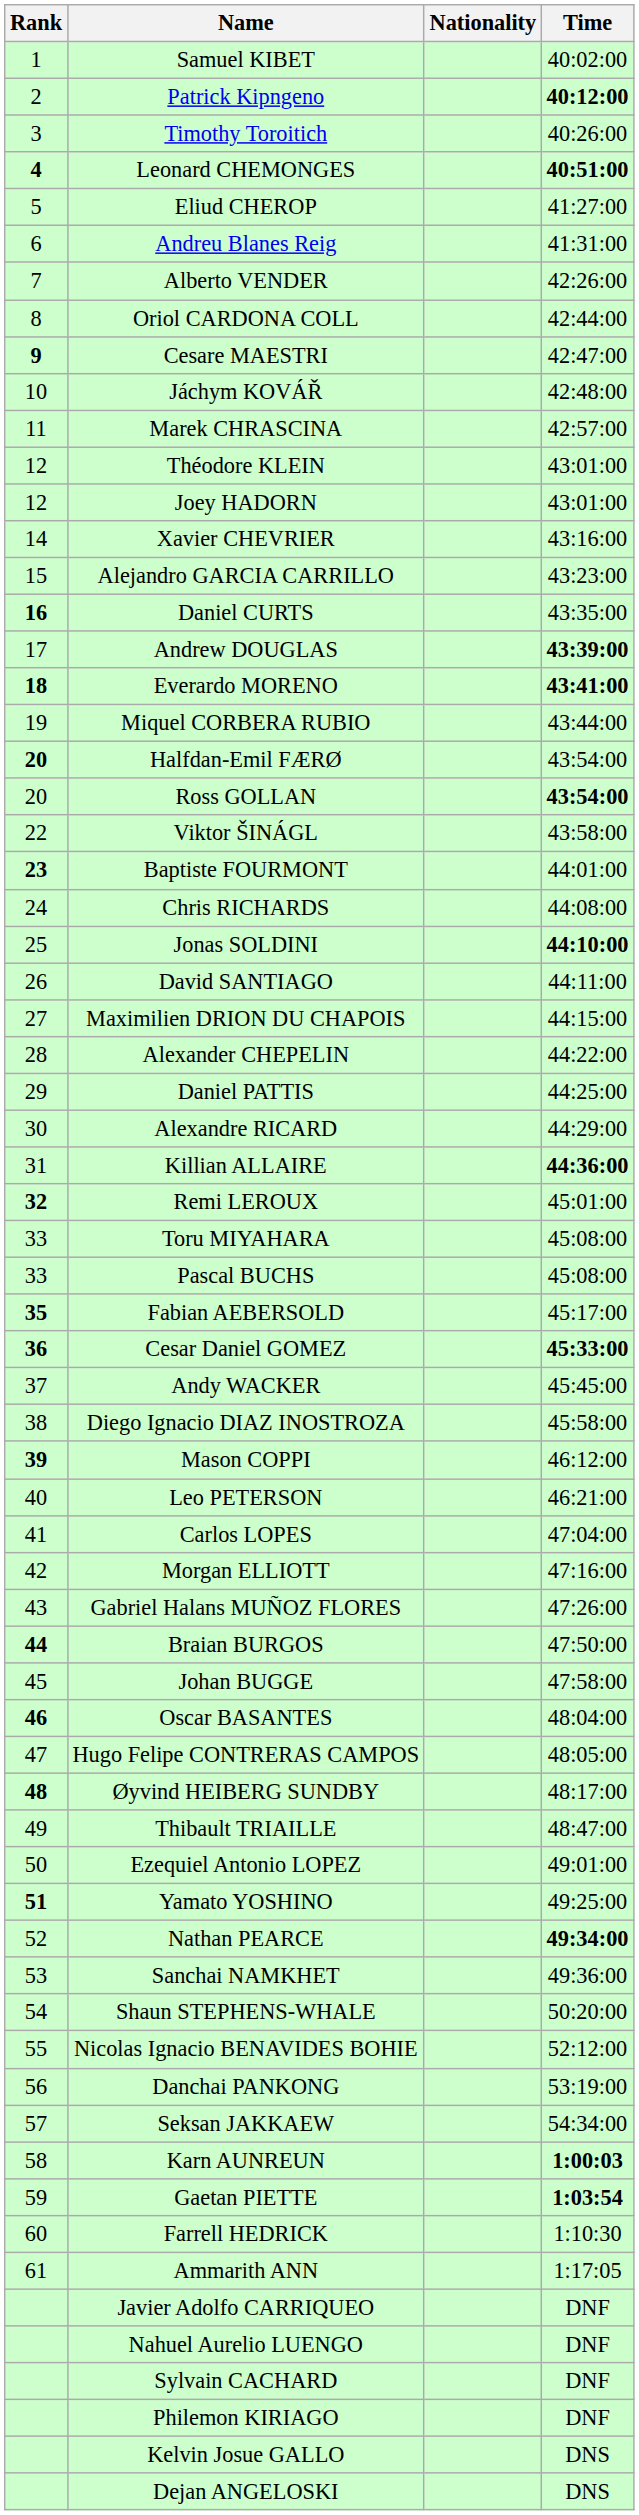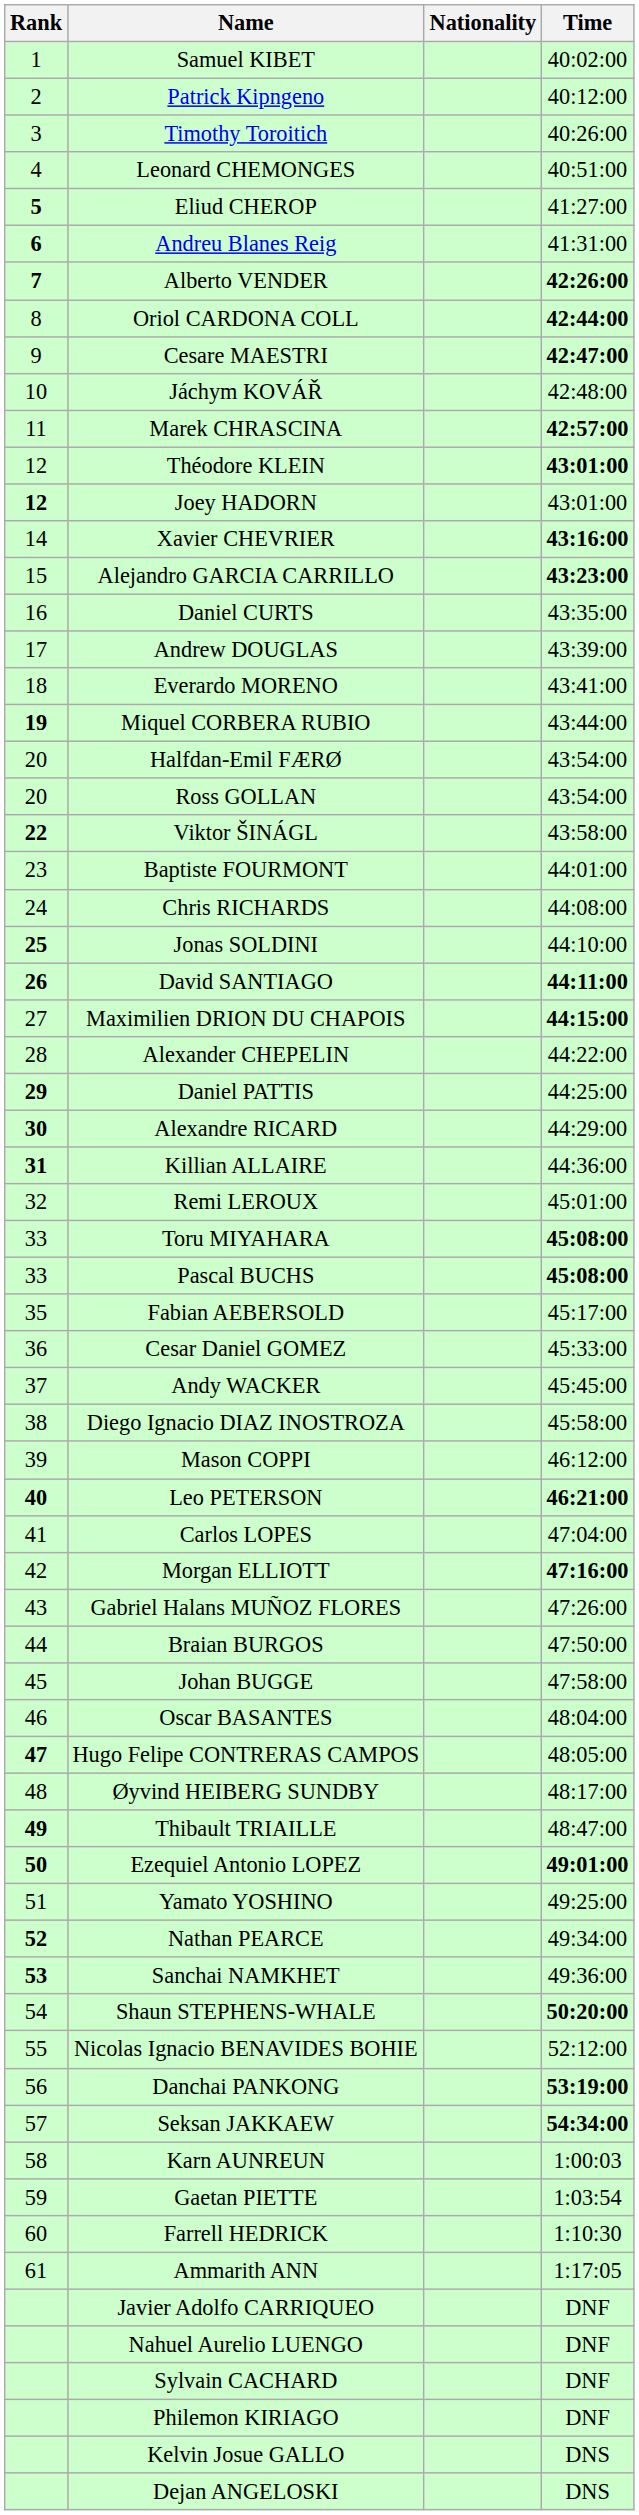 <table class="wikitable sortable" style="text-align:center;font-size:95%">
 <tr>
 <th>Rank</th>
 <th>Name</th>
 <th>Nationality</th>
 <th>Time</th>
 </tr>
 <tr bgcolor=ccffcc>
 <td>1</td>
 <td>Samuel KIBET</td>
 <td></td>
 <td>40:02:00</td>
 </tr>
 <tr bgcolor=ccffcc>
 <td>2</td>
 <td><a href='#'>Patrick Kipngeno</a></td>
 <td></td>
-<td><strong>40:12:00</strong></td>
+<td>40:12:00</td>
 </tr>
 <tr bgcolor=ccffcc>
 <td>3</td>
 <td><a href='#'>Timothy Toroitich</a></td>
 <td></td>
 <td>40:26:00</td>
 </tr>
 <tr bgcolor=ccffcc>
-<td><strong>4</strong></td>
+<td>4</td>
 <td>Leonard CHEMONGES</td>
 <td></td>
-<td><strong>40:51:00</strong></td>
+<td>40:51:00</td>
 </tr>
 <tr bgcolor=ccffcc>
-<td>5</td>
+<td><strong>5</strong></td>
 <td>Eliud CHEROP</td>
 <td></td>
 <td>41:27:00</td>
 </tr>
 <tr bgcolor=ccffcc>
-<td>6</td>
+<td><strong>6</strong></td>
 <td><a href='#'>Andreu Blanes Reig</a></td>
 <td></td>
 <td>41:31:00</td>
 </tr>
 <tr bgcolor=ccffcc>
-<td>7</td>
+<td><strong>7</strong></td>
 <td>Alberto VENDER</td>
 <td></td>
-<td>42:26:00</td>
+<td><strong>42:26:00</strong></td>
 </tr>
 <tr bgcolor=ccffcc>
 <td>8</td>
 <td>Oriol CARDONA COLL</td>
 <td></td>
-<td>42:44:00</td>
+<td><strong>42:44:00</strong></td>
 </tr>
 <tr bgcolor=ccffcc>
-<td><strong>9</strong></td>
+<td>9</td>
 <td>Cesare MAESTRI</td>
 <td></td>
-<td>42:47:00</td>
+<td><strong>42:47:00</strong></td>
 </tr>
 <tr bgcolor=ccffcc>
 <td>10</td>
 <td>Jáchym KOVÁŘ</td>
 <td></td>
 <td>42:48:00</td>
 </tr>
 <tr bgcolor=ccffcc>
 <td>11</td>
 <td>Marek CHRASCINA</td>
 <td></td>
-<td>42:57:00</td>
+<td><strong>42:57:00</strong></td>
 </tr>
 <tr bgcolor=ccffcc>
 <td>12</td>
 <td>Théodore KLEIN</td>
 <td></td>
-<td>43:01:00</td>
+<td><strong>43:01:00</strong></td>
 </tr>
 <tr bgcolor=ccffcc>
-<td>12</td>
+<td><strong>12</strong></td>
 <td>Joey HADORN</td>
 <td></td>
 <td>43:01:00</td>
 </tr>
 <tr bgcolor=ccffcc>
 <td>14</td>
 <td>Xavier CHEVRIER</td>
 <td></td>
-<td>43:16:00</td>
+<td><strong>43:16:00</strong></td>
 </tr>
 <tr bgcolor=ccffcc>
 <td>15</td>
 <td>Alejandro GARCIA CARRILLO</td>
 <td></td>
-<td>43:23:00</td>
+<td><strong>43:23:00</strong></td>
 </tr>
 <tr bgcolor=ccffcc>
-<td><strong>16</strong></td>
+<td>16</td>
 <td>Daniel CURTS</td>
 <td></td>
 <td>43:35:00</td>
 </tr>
 <tr bgcolor=ccffcc>
 <td>17</td>
 <td>Andrew DOUGLAS</td>
 <td></td>
-<td><strong>43:39:00</strong></td>
+<td>43:39:00</td>
 </tr>
 <tr bgcolor=ccffcc>
-<td><strong>18</strong></td>
+<td>18</td>
 <td>Everardo MORENO</td>
 <td></td>
-<td><strong>43:41:00</strong></td>
+<td>43:41:00</td>
 </tr>
 <tr bgcolor=ccffcc>
-<td>19</td>
+<td><strong>19</strong></td>
 <td>Miquel CORBERA RUBIO</td>
 <td></td>
 <td>43:44:00</td>
 </tr>
 <tr bgcolor=ccffcc>
-<td><strong>20</strong></td>
+<td>20</td>
 <td>Halfdan-Emil FÆRØ</td>
 <td></td>
 <td>43:54:00</td>
 </tr>
 <tr bgcolor=ccffcc>
 <td>20</td>
 <td>Ross GOLLAN</td>
 <td></td>
-<td><strong>43:54:00</strong></td>
+<td>43:54:00</td>
 </tr>
 <tr bgcolor=ccffcc>
-<td>22</td>
+<td><strong>22</strong></td>
 <td>Viktor ŠINÁGL</td>
 <td></td>
 <td>43:58:00</td>
 </tr>
 <tr bgcolor=ccffcc>
-<td><strong>23</strong></td>
+<td>23</td>
 <td>Baptiste FOURMONT</td>
 <td></td>
 <td>44:01:00</td>
 </tr>
 <tr bgcolor=ccffcc>
 <td>24</td>
 <td>Chris RICHARDS</td>
 <td></td>
 <td>44:08:00</td>
 </tr>
 <tr bgcolor=ccffcc>
-<td>25</td>
+<td><strong>25</strong></td>
 <td>Jonas SOLDINI</td>
 <td></td>
-<td><strong>44:10:00</strong></td>
+<td>44:10:00</td>
 </tr>
 <tr bgcolor=ccffcc>
-<td>26</td>
+<td><strong>26</strong></td>
 <td>David SANTIAGO</td>
 <td></td>
-<td>44:11:00</td>
+<td><strong>44:11:00</strong></td>
 </tr>
 <tr bgcolor=ccffcc>
 <td>27</td>
 <td>Maximilien DRION DU CHAPOIS</td>
 <td></td>
-<td>44:15:00</td>
+<td><strong>44:15:00</strong></td>
 </tr>
 <tr bgcolor=ccffcc>
 <td>28</td>
 <td>Alexander CHEPELIN</td>
 <td></td>
 <td>44:22:00</td>
 </tr>
 <tr bgcolor=ccffcc>
-<td>29</td>
+<td><strong>29</strong></td>
 <td>Daniel PATTIS</td>
 <td></td>
 <td>44:25:00</td>
 </tr>
 <tr bgcolor=ccffcc>
-<td>30</td>
+<td><strong>30</strong></td>
 <td>Alexandre RICARD</td>
 <td></td>
 <td>44:29:00</td>
 </tr>
 <tr bgcolor=ccffcc>
-<td>31</td>
+<td><strong>31</strong></td>
 <td>Killian ALLAIRE</td>
 <td></td>
-<td><strong>44:36:00</strong></td>
+<td>44:36:00</td>
 </tr>
 <tr bgcolor=ccffcc>
-<td><strong>32</strong></td>
+<td>32</td>
 <td>Remi LEROUX</td>
 <td></td>
 <td>45:01:00</td>
 </tr>
 <tr bgcolor=ccffcc>
 <td>33</td>
 <td>Toru MIYAHARA</td>
 <td></td>
-<td>45:08:00</td>
+<td><strong>45:08:00</strong></td>
 </tr>
 <tr bgcolor=ccffcc>
 <td>33</td>
 <td>Pascal BUCHS</td>
 <td></td>
-<td>45:08:00</td>
+<td><strong>45:08:00</strong></td>
 </tr>
 <tr bgcolor=ccffcc>
-<td><strong>35</strong></td>
+<td>35</td>
 <td>Fabian AEBERSOLD</td>
 <td></td>
 <td>45:17:00</td>
 </tr>
 <tr bgcolor=ccffcc>
-<td><strong>36</strong></td>
+<td>36</td>
 <td>Cesar Daniel GOMEZ</td>
 <td></td>
-<td><strong>45:33:00</strong></td>
+<td>45:33:00</td>
 </tr>
 <tr bgcolor=ccffcc>
 <td>37</td>
 <td>Andy WACKER</td>
 <td></td>
 <td>45:45:00</td>
 </tr>
 <tr bgcolor=ccffcc>
 <td>38</td>
 <td>Diego Ignacio DIAZ INOSTROZA</td>
 <td></td>
 <td>45:58:00</td>
 </tr>
 <tr bgcolor=ccffcc>
-<td><strong>39</strong></td>
+<td>39</td>
 <td>Mason COPPI</td>
 <td></td>
 <td>46:12:00</td>
 </tr>
 <tr bgcolor=ccffcc>
-<td>40</td>
+<td><strong>40</strong></td>
 <td>Leo PETERSON</td>
 <td></td>
-<td>46:21:00</td>
+<td><strong>46:21:00</strong></td>
 </tr>
 <tr bgcolor=ccffcc>
 <td>41</td>
 <td>Carlos LOPES</td>
 <td></td>
 <td>47:04:00</td>
 </tr>
 <tr bgcolor=ccffcc>
 <td>42</td>
 <td>Morgan ELLIOTT</td>
 <td></td>
-<td>47:16:00</td>
+<td><strong>47:16:00</strong></td>
 </tr>
 <tr bgcolor=ccffcc>
 <td>43</td>
 <td>Gabriel Halans MUÑOZ FLORES</td>
 <td></td>
 <td>47:26:00</td>
 </tr>
 <tr bgcolor=ccffcc>
-<td><strong>44</strong></td>
+<td>44</td>
 <td>Braian BURGOS</td>
 <td></td>
 <td>47:50:00</td>
 </tr>
 <tr bgcolor=ccffcc>
 <td>45</td>
 <td>Johan BUGGE</td>
 <td></td>
 <td>47:58:00</td>
 </tr>
 <tr bgcolor=ccffcc>
-<td><strong>46</strong></td>
+<td>46</td>
 <td>Oscar BASANTES</td>
 <td></td>
 <td>48:04:00</td>
 </tr>
 <tr bgcolor=ccffcc>
-<td>47</td>
+<td><strong>47</strong></td>
 <td>Hugo Felipe CONTRERAS CAMPOS</td>
 <td></td>
 <td>48:05:00</td>
 </tr>
 <tr bgcolor=ccffcc>
-<td><strong>48</strong></td>
+<td>48</td>
 <td>Øyvind HEIBERG SUNDBY</td>
 <td></td>
 <td>48:17:00</td>
 </tr>
 <tr bgcolor=ccffcc>
-<td>49</td>
+<td><strong>49</strong></td>
 <td>Thibault TRIAILLE</td>
 <td></td>
 <td>48:47:00</td>
 </tr>
 <tr bgcolor=ccffcc>
-<td>50</td>
+<td><strong>50</strong></td>
 <td>Ezequiel Antonio LOPEZ</td>
 <td></td>
-<td>49:01:00</td>
+<td><strong>49:01:00</strong></td>
 </tr>
 <tr bgcolor=ccffcc>
-<td><strong>51</strong></td>
+<td>51</td>
 <td>Yamato YOSHINO</td>
 <td></td>
 <td>49:25:00</td>
 </tr>
 <tr bgcolor=ccffcc>
-<td>52</td>
+<td><strong>52</strong></td>
 <td>Nathan PEARCE</td>
 <td></td>
-<td><strong>49:34:00</strong></td>
+<td>49:34:00</td>
 </tr>
 <tr bgcolor=ccffcc>
-<td>53</td>
+<td><strong>53</strong></td>
 <td>Sanchai NAMKHET</td>
 <td></td>
 <td>49:36:00</td>
 </tr>
 <tr bgcolor=ccffcc>
 <td>54</td>
 <td>Shaun STEPHENS-WHALE</td>
 <td></td>
-<td>50:20:00</td>
+<td><strong>50:20:00</strong></td>
 </tr>
 <tr bgcolor=ccffcc>
 <td>55</td>
 <td>Nicolas Ignacio BENAVIDES BOHIE</td>
 <td></td>
 <td>52:12:00</td>
 </tr>
 <tr bgcolor=ccffcc>
 <td>56</td>
 <td>Danchai PANKONG</td>
 <td></td>
-<td>53:19:00</td>
+<td><strong>53:19:00</strong></td>
 </tr>
 <tr bgcolor=ccffcc>
 <td>57</td>
 <td>Seksan JAKKAEW</td>
 <td></td>
-<td>54:34:00</td>
+<td><strong>54:34:00</strong></td>
 </tr>
 <tr bgcolor=ccffcc>
 <td>58</td>
 <td>Karn AUNREUN</td>
 <td></td>
-<td><strong>1:00:03</strong></td>
+<td>1:00:03</td>
 </tr>
 <tr bgcolor=ccffcc>
 <td>59</td>
 <td>Gaetan PIETTE</td>
 <td></td>
-<td><strong>1:03:54</strong></td>
+<td>1:03:54</td>
 </tr>
 <tr bgcolor=ccffcc>
 <td>60</td>
 <td>Farrell HEDRICK</td>
 <td></td>
 <td>1:10:30</td>
 </tr>
 <tr bgcolor=ccffcc>
 <td>61</td>
 <td>Ammarith ANN</td>
 <td></td>
 <td>1:17:05</td>
 </tr>
 <tr bgcolor=ccffcc>
 <td></td>
 <td>Javier Adolfo CARRIQUEO</td>
 <td></td>
 <td>DNF</td>
 </tr>
 <tr bgcolor=ccffcc>
 <td></td>
 <td>Nahuel Aurelio LUENGO</td>
 <td></td>
 <td>DNF</td>
 </tr>
 <tr bgcolor=ccffcc>
 <td></td>
 <td>Sylvain CACHARD</td>
 <td></td>
 <td>DNF</td>
 </tr>
 <tr bgcolor=ccffcc>
 <td></td>
 <td>Philemon KIRIAGO</td>
 <td></td>
 <td>DNF</td>
 </tr>
 <tr bgcolor=ccffcc>
 <td></td>
 <td>Kelvin Josue GALLO</td>
 <td></td>
 <td>DNS</td>
 </tr>
 <tr bgcolor=ccffcc>
 <td></td>
 <td>Dejan ANGELOSKI</td>
 <td></td>
 <td>DNS</td>
 </tr>
 </table>
